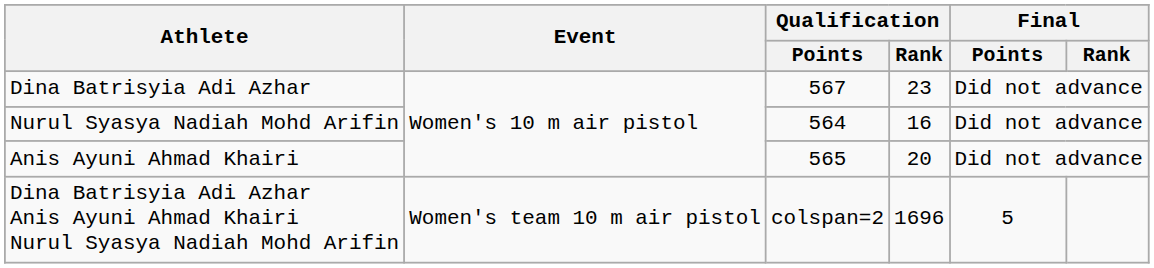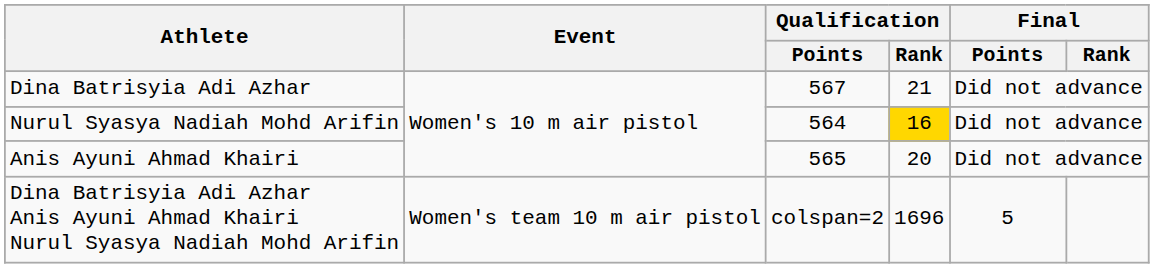 <table class="wikitable" style="font-size:90%">
 <tr>
 <th rowspan="2">Athlete</th>
 <th rowspan="2">Event</th>
 <th colspan=2>Qualification</th>
 <th colspan=2>Final</th>
 </tr>
 <tr style="font-size:95%">
 <th>Points</th>
 <th>Rank</th>
 <th>Points</th>
 <th>Rank</th>
 </tr>
 <tr align=center>
 <td align=left>Dina Batrisyia Adi Azhar</td>
 <td align=left rowspan=3>Women's 10 m air pistol</td>
 <td>567</td>
-<td>23</td>
+<td>21</td>
 <td colspan=2>Did not advance</td>
 </tr>
 <tr align=center>
 <td align=left>Nurul Syasya Nadiah Mohd Arifin</td>
 <td>564</td>
-<td>16</td>
+<td style="background: gold;">16</td>
 <td colspan=2>Did not advance</td>
 </tr>
 <tr align=center>
 <td align=left>Anis Ayuni Ahmad Khairi</td>
 <td>565</td>
 <td>20</td>
 <td colspan=2>Did not advance</td>
 </tr>
 <tr align=center>
 <td align=left>Dina Batrisyia Adi Azhar<br>Anis Ayuni Ahmad Khairi<br>Nurul Syasya Nadiah Mohd Arifin</td>
 <td align=left>Women's team 10 m air pistol</td>
 <td>colspan=2 </td>
 <td>1696</td>
 <td>5</td>
 </tr>
 </table>
